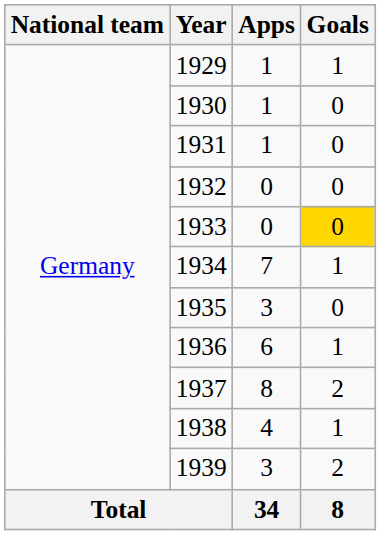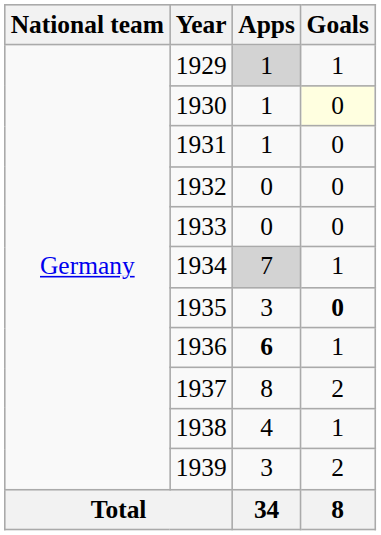 <table class="wikitable" style="text-align:center">
 <tr>
 <th>National team</th>
 <th>Year</th>
 <th>Apps</th>
 <th>Goals</th>
 </tr>
 <tr>
 <td rowspan="11"><a href='#'>Germany</a></td>
 <td>1929</td>
-<td>1</td>
+<td style="background: lightgrey;">1</td>
 <td>1</td>
 </tr>
 <tr>
 <td>1930</td>
 <td>1</td>
-<td>0</td>
+<td style="background: lightyellow;">0</td>
 </tr>
 <tr>
 <td>1931</td>
 <td>1</td>
 <td>0</td>
 </tr>
 <tr>
 <td>1932</td>
 <td>0</td>
 <td>0</td>
 </tr>
 <tr>
 <td>1933</td>
 <td>0</td>
-<td style="background: gold;">0</td>
+<td>0</td>
 </tr>
 <tr>
 <td>1934</td>
-<td>7</td>
+<td style="background: lightgrey;">7</td>
 <td>1</td>
 </tr>
 <tr>
 <td>1935</td>
 <td>3</td>
-<td>0</td>
+<td><strong>0</strong></td>
 </tr>
 <tr>
 <td>1936</td>
-<td>6</td>
+<td><strong>6</strong></td>
 <td>1</td>
 </tr>
 <tr>
 <td>1937</td>
 <td>8</td>
 <td>2</td>
 </tr>
 <tr>
 <td>1938</td>
 <td>4</td>
 <td>1</td>
 </tr>
 <tr>
 <td>1939</td>
 <td>3</td>
 <td>2</td>
 </tr>
 <tr>
 <th colspan="2">Total</th>
 <th>34</th>
 <th>8</th>
 </tr>
 </table>
